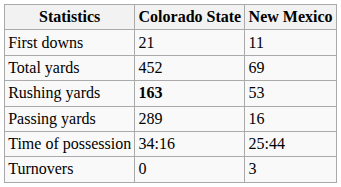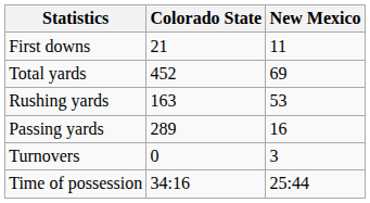 <table class="wikitable">
 <tr>
 <th>Statistics</th>
 <th>Colorado State</th>
 <th>New Mexico</th>
 </tr>
 <tr>
 <td>First downs</td>
 <td>21</td>
 <td>11</td>
 </tr>
 <tr>
 <td>Total yards</td>
 <td>452</td>
 <td>69</td>
 </tr>
 <tr>
 <td>Rushing yards</td>
-<td><strong>163</strong></td>
+<td>163</td>
 <td>53</td>
 </tr>
 <tr>
 <td>Passing yards</td>
 <td>289</td>
 <td>16</td>
 </tr>
 <tr>
+<td>Turnovers</td>
+<td>0</td>
+<td>3</td>
+</tr>
+<tr>
 <td>Time of possession</td>
 <td>34:16</td>
 <td>25:44</td>
 </tr>
 <tr>
-<td>Turnovers</td>
-<td>0</td>
-<td>3</td>
-</tr>
-<tr>
 </tr>
 </table>
